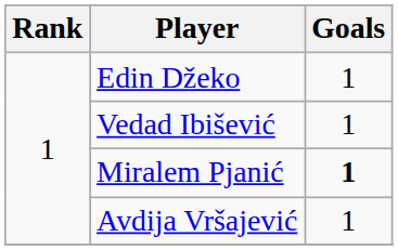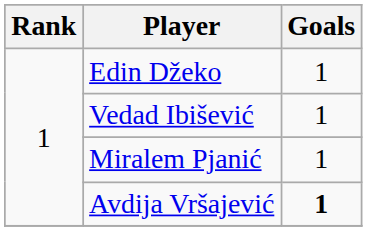 <table class="wikitable" style="text-align: left;">
 <tr>
 <th>Rank</th>
 <th>Player</th>
 <th>Goals</th>
 </tr>
 <tr>
 <td rowspan=4 align=center>1</td>
 <td><a href='#'>Edin Džeko</a></td>
 <td align=center>1</td>
 </tr>
 <tr>
 <td><a href='#'>Vedad Ibišević</a></td>
 <td align=center>1</td>
 </tr>
 <tr>
 <td><a href='#'>Miralem Pjanić</a></td>
-<td align=center><strong>1</strong></td>
+<td align=center>1</td>
 </tr>
 <tr>
 <td><a href='#'>Avdija Vršajević</a></td>
-<td align=center>1</td>
+<td align=center><strong>1</strong></td>
 </tr>
 <tr>
 </tr>
 </table>
